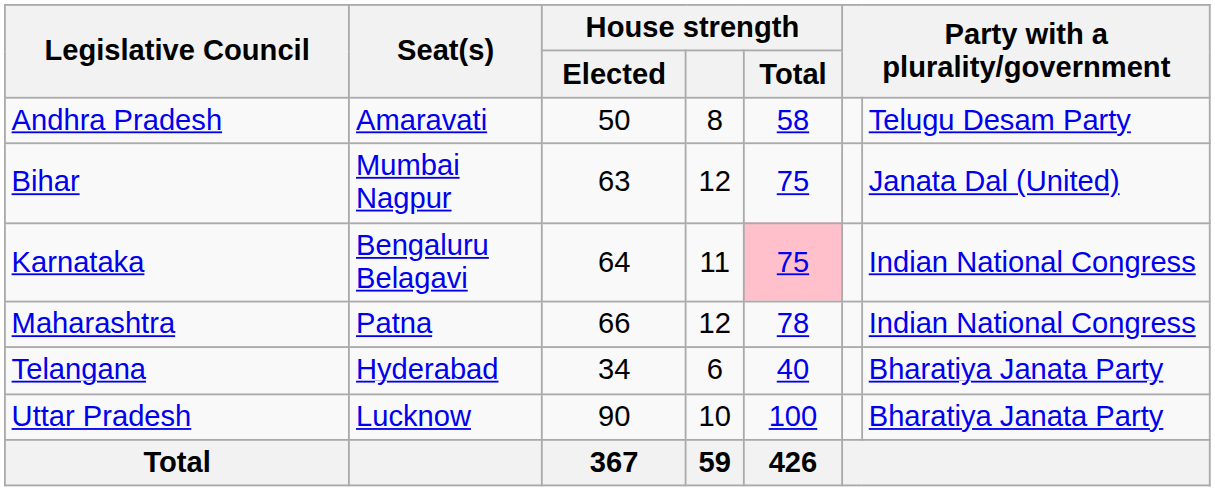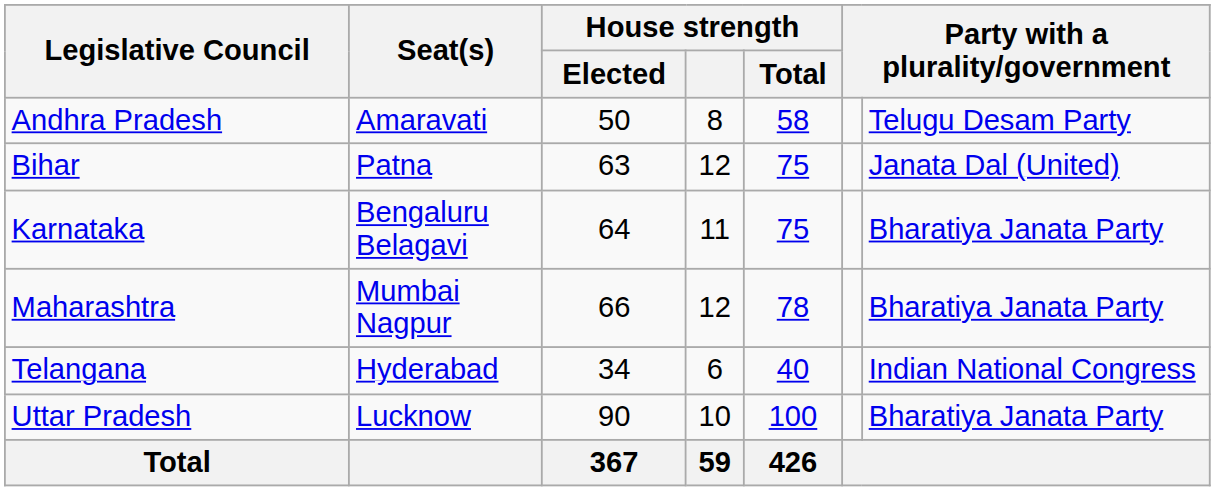 <table class="wikitable sortable" width="75%">
 <tr>
 <th rowspan="2">Legislative Council</th>
 <th rowspan="2">Seat(s)</th>
 <th colspan="3">House strength</th>
 <th rowspan="2" colspan="2" width="30%">Party with a plurality/government</th>
 </tr>
 <tr>
 <th>Elected</th>
 <th></th>
 <th>Total</th>
 </tr>
 <tr>
 <td><a href='#'>Andhra Pradesh</a></td>
 <td><a href='#'>Amaravati</a></td>
 <td align="center">50</td>
 <td align="center">8</td>
 <td align="center"><a href='#'>58</a></td>
 <td style="background-color: "></td>
 <td><a href='#'>Telugu Desam Party</a></td>
 </tr>
 <tr>
 <td><a href='#'>Bihar</a></td>
-<td><a href='#'>Mumbai</a> <br><a href='#'>Nagpur</a> </td>
+<td><a href='#'>Patna</a></td>
 <td align="center">63</td>
 <td align="center">12</td>
 <td align="center"><a href='#'>75</a></td>
 <td style="background-color: "></td>
 <td><a href='#'>Janata Dal (United)</a></td>
 </tr>
 <tr>
 <td><a href='#'>Karnataka</a></td>
 <td><a href='#'>Bengaluru</a> <br><a href='#'>Belagavi</a> </td>
 <td align="center">64</td>
 <td align="center">11</td>
-<td align="center" style="background: pink;"><a href='#'>75</a></td>
+<td align="center"><a href='#'>75</a></td>
 <td style="background-color: "></td>
-<td><a href='#'>Indian National Congress</a></td>
+<td><a href='#'>Bharatiya Janata Party</a></td>
 </tr>
 <tr>
 <td><a href='#'>Maharashtra</a></td>
-<td><a href='#'>Patna</a></td>
+<td><a href='#'>Mumbai</a> <br><a href='#'>Nagpur</a> </td>
 <td align="center">66</td>
 <td align="center">12</td>
 <td align="center"><a href='#'>78</a></td>
 <td style="background-color: "></td>
-<td><a href='#'>Indian National Congress</a></td>
+<td><a href='#'>Bharatiya Janata Party</a></td>
 </tr>
 <tr>
 <td><a href='#'>Telangana</a></td>
 <td><a href='#'>Hyderabad</a></td>
 <td align="center">34</td>
 <td align="center">6</td>
 <td align="center"><a href='#'>40</a></td>
 <td style="background-color: "></td>
-<td><a href='#'>Bharatiya Janata Party</a></td>
+<td><a href='#'>Indian National Congress</a></td>
 </tr>
 <tr>
 <td><a href='#'>Uttar Pradesh</a></td>
 <td><a href='#'>Lucknow</a></td>
 <td align="center">90</td>
 <td align="center">10</td>
 <td align="center"><a href='#'>100</a></td>
 <td style="background-color: "></td>
 <td><a href='#'>Bharatiya Janata Party</a></td>
 </tr>
 <tr>
 <th>Total</th>
 <th style="text-align:center"></th>
 <th>367</th>
 <th>59</th>
 <th>426</th>
 <th colspan="2" style="text-align:center"></th>
 </tr>
 </table>
